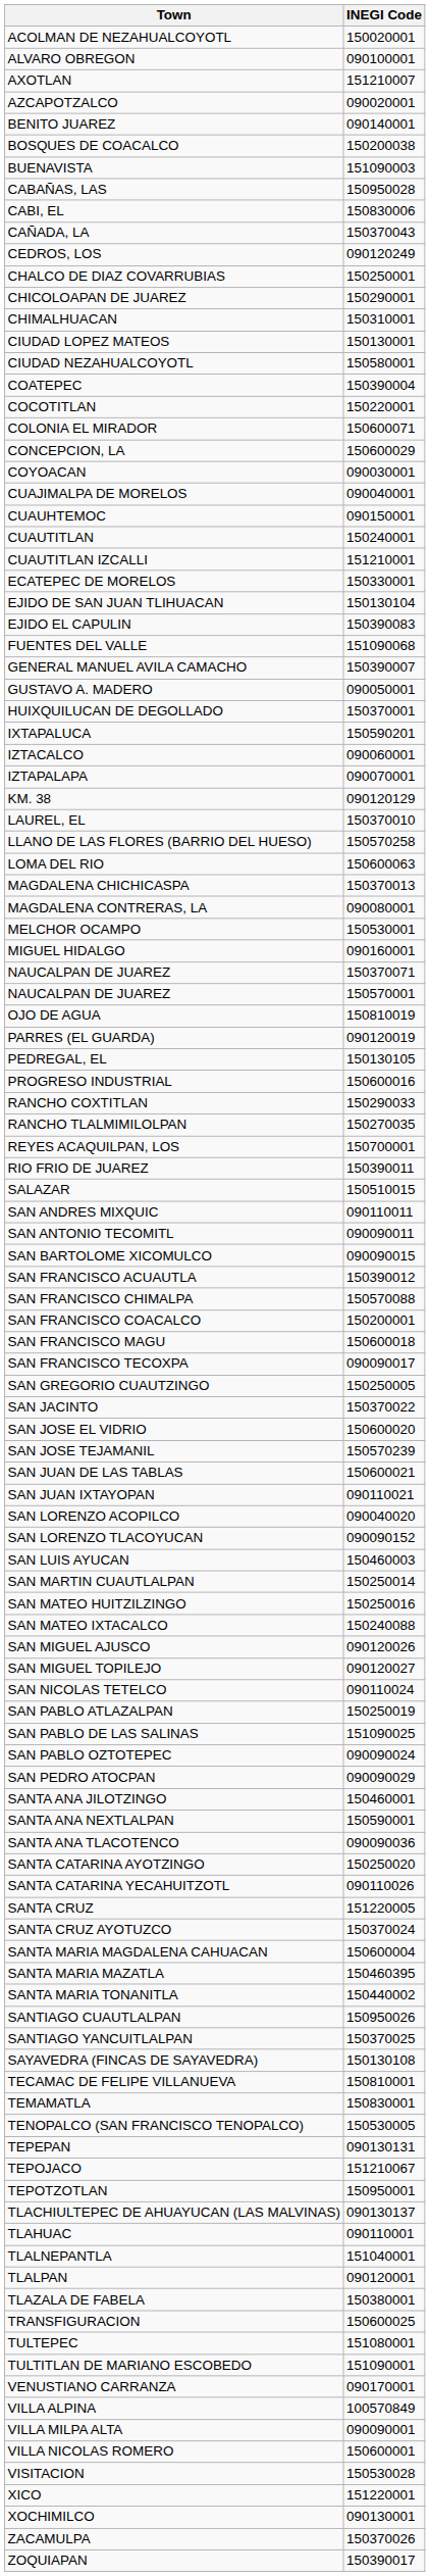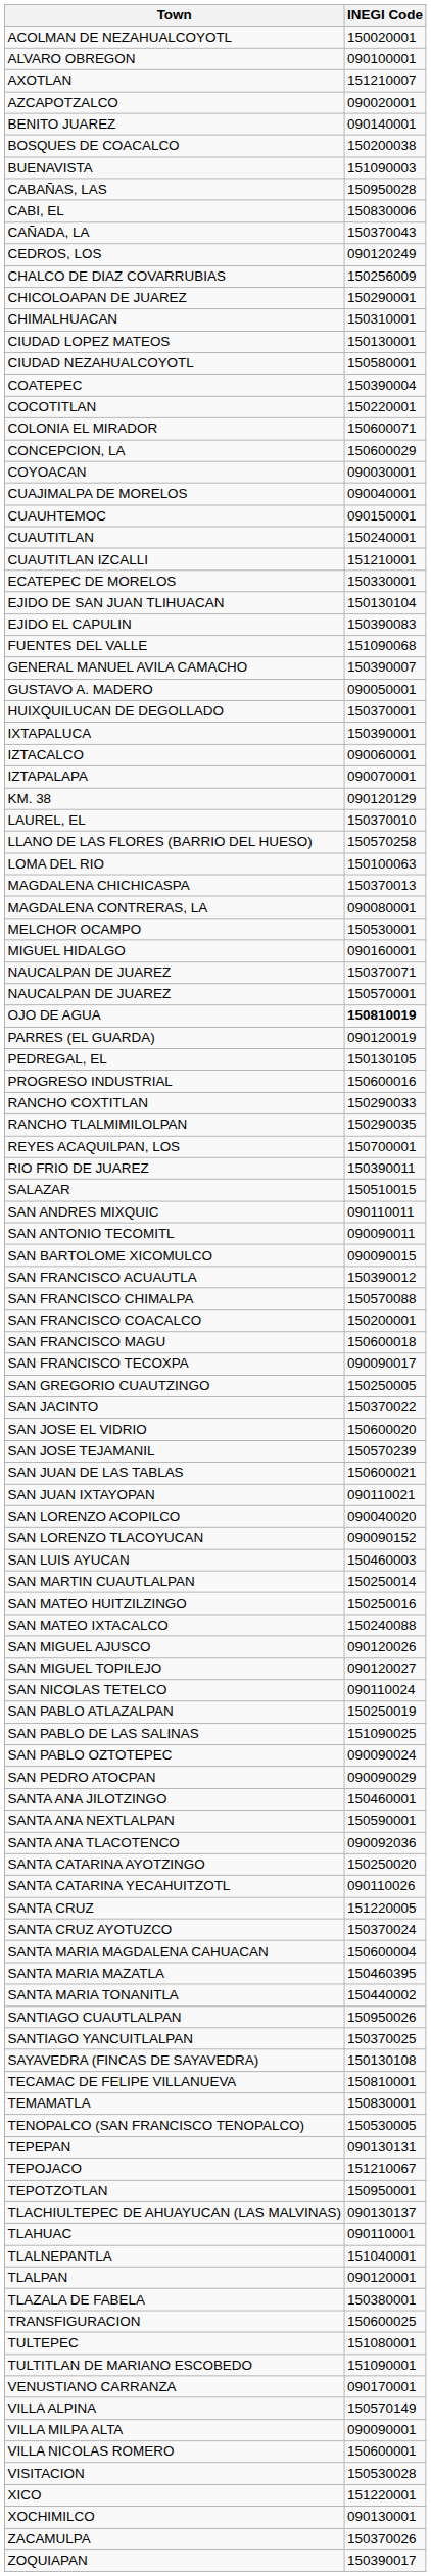 <table class="wikitable">
 <tr>
 <th>Town</th>
 <th>INEGI Code</th>
 </tr>
 <tr>
 <td>ACOLMAN DE NEZAHUALCOYOTL</td>
 <td>150020001</td>
 </tr>
 <tr>
 <td>ALVARO OBREGON</td>
 <td>090100001</td>
 </tr>
 <tr>
 <td>AXOTLAN</td>
 <td>151210007</td>
 </tr>
 <tr>
 <td>AZCAPOTZALCO</td>
 <td>090020001</td>
 </tr>
 <tr>
 <td>BENITO JUAREZ</td>
 <td>090140001</td>
 </tr>
 <tr>
 <td>BOSQUES DE COACALCO</td>
 <td>150200038</td>
 </tr>
 <tr>
 <td>BUENAVISTA</td>
 <td>151090003</td>
 </tr>
 <tr>
 <td>CABAÑAS, LAS</td>
 <td>150950028</td>
 </tr>
 <tr>
 <td>CABI, EL</td>
 <td>150830006</td>
 </tr>
 <tr>
 <td>CAÑADA, LA</td>
 <td>150370043</td>
 </tr>
 <tr>
 <td>CEDROS, LOS</td>
 <td>090120249</td>
 </tr>
 <tr>
 <td>CHALCO DE DIAZ COVARRUBIAS</td>
-<td>150250001</td>
+<td>150256009</td>
 </tr>
 <tr>
 <td>CHICOLOAPAN DE JUAREZ</td>
 <td>150290001</td>
 </tr>
 <tr>
 <td>CHIMALHUACAN</td>
 <td>150310001</td>
 </tr>
 <tr>
 <td>CIUDAD LOPEZ MATEOS</td>
 <td>150130001</td>
 </tr>
 <tr>
 <td>CIUDAD NEZAHUALCOYOTL</td>
 <td>150580001</td>
 </tr>
 <tr>
 <td>COATEPEC</td>
 <td>150390004</td>
 </tr>
 <tr>
 <td>COCOTITLAN</td>
 <td>150220001</td>
 </tr>
 <tr>
 <td>COLONIA EL MIRADOR</td>
 <td>150600071</td>
 </tr>
 <tr>
 <td>CONCEPCION, LA</td>
 <td>150600029</td>
 </tr>
 <tr>
 <td>COYOACAN</td>
 <td>090030001</td>
 </tr>
 <tr>
 <td>CUAJIMALPA DE MORELOS</td>
 <td>090040001</td>
 </tr>
 <tr>
 <td>CUAUHTEMOC</td>
 <td>090150001</td>
 </tr>
 <tr>
 <td>CUAUTITLAN</td>
 <td>150240001</td>
 </tr>
 <tr>
 <td>CUAUTITLAN IZCALLI</td>
 <td>151210001</td>
 </tr>
 <tr>
 <td>ECATEPEC DE MORELOS</td>
 <td>150330001</td>
 </tr>
 <tr>
 <td>EJIDO DE SAN JUAN TLIHUACAN</td>
 <td>150130104</td>
 </tr>
 <tr>
 <td>EJIDO EL CAPULIN</td>
 <td>150390083</td>
 </tr>
 <tr>
 <td>FUENTES DEL VALLE</td>
 <td>151090068</td>
 </tr>
 <tr>
 <td>GENERAL MANUEL AVILA CAMACHO</td>
 <td>150390007</td>
 </tr>
 <tr>
 <td>GUSTAVO A. MADERO</td>
 <td>090050001</td>
 </tr>
 <tr>
 <td>HUIXQUILUCAN DE DEGOLLADO</td>
 <td>150370001</td>
 </tr>
 <tr>
 <td>IXTAPALUCA</td>
-<td>150590201</td>
+<td>150390001</td>
 </tr>
 <tr>
 <td>IZTACALCO</td>
 <td>090060001</td>
 </tr>
 <tr>
 <td>IZTAPALAPA</td>
 <td>090070001</td>
 </tr>
 <tr>
 <td>KM. 38</td>
 <td>090120129</td>
 </tr>
 <tr>
 <td>LAUREL, EL</td>
 <td>150370010</td>
 </tr>
 <tr>
 <td>LLANO DE LAS FLORES (BARRIO DEL HUESO)</td>
 <td>150570258</td>
 </tr>
 <tr>
 <td>LOMA DEL RIO</td>
-<td>150600063</td>
+<td>150100063</td>
 </tr>
 <tr>
 <td>MAGDALENA CHICHICASPA</td>
 <td>150370013</td>
 </tr>
 <tr>
 <td>MAGDALENA CONTRERAS, LA</td>
 <td>090080001</td>
 </tr>
 <tr>
 <td>MELCHOR OCAMPO</td>
 <td>150530001</td>
 </tr>
 <tr>
 <td>MIGUEL HIDALGO</td>
 <td>090160001</td>
 </tr>
 <tr>
 <td>NAUCALPAN DE JUAREZ</td>
 <td>150370071</td>
 </tr>
 <tr>
 <td>NAUCALPAN DE JUAREZ</td>
 <td>150570001</td>
 </tr>
 <tr>
 <td>OJO DE AGUA</td>
-<td>150810019</td>
+<td><strong>150810019</strong></td>
 </tr>
 <tr>
 <td>PARRES (EL GUARDA)</td>
 <td>090120019</td>
 </tr>
 <tr>
 <td>PEDREGAL, EL</td>
 <td>150130105</td>
 </tr>
 <tr>
 <td>PROGRESO INDUSTRIAL</td>
 <td>150600016</td>
 </tr>
 <tr>
 <td>RANCHO COXTITLAN</td>
 <td>150290033</td>
 </tr>
 <tr>
 <td>RANCHO TLALMIMILOLPAN</td>
-<td>150270035</td>
+<td>150290035</td>
 </tr>
 <tr>
 <td>REYES ACAQUILPAN, LOS</td>
 <td>150700001</td>
 </tr>
 <tr>
 <td>RIO FRIO DE JUAREZ</td>
 <td>150390011</td>
 </tr>
 <tr>
 <td>SALAZAR</td>
 <td>150510015</td>
 </tr>
 <tr>
 <td>SAN ANDRES MIXQUIC</td>
 <td>090110011</td>
 </tr>
 <tr>
 <td>SAN ANTONIO TECOMITL</td>
 <td>090090011</td>
 </tr>
 <tr>
 <td>SAN BARTOLOME XICOMULCO</td>
 <td>090090015</td>
 </tr>
 <tr>
 <td>SAN FRANCISCO ACUAUTLA</td>
 <td>150390012</td>
 </tr>
 <tr>
 <td>SAN FRANCISCO CHIMALPA</td>
 <td>150570088</td>
 </tr>
 <tr>
 <td>SAN FRANCISCO COACALCO</td>
 <td>150200001</td>
 </tr>
 <tr>
 <td>SAN FRANCISCO MAGU</td>
 <td>150600018</td>
 </tr>
 <tr>
 <td>SAN FRANCISCO TECOXPA</td>
 <td>090090017</td>
 </tr>
 <tr>
 <td>SAN GREGORIO CUAUTZINGO</td>
 <td>150250005</td>
 </tr>
 <tr>
 <td>SAN JACINTO</td>
 <td>150370022</td>
 </tr>
 <tr>
 <td>SAN JOSE EL VIDRIO</td>
 <td>150600020</td>
 </tr>
 <tr>
 <td>SAN JOSE TEJAMANIL</td>
 <td>150570239</td>
 </tr>
 <tr>
 <td>SAN JUAN DE LAS TABLAS</td>
 <td>150600021</td>
 </tr>
 <tr>
 <td>SAN JUAN IXTAYOPAN</td>
 <td>090110021</td>
 </tr>
 <tr>
 <td>SAN LORENZO ACOPILCO</td>
 <td>090040020</td>
 </tr>
 <tr>
 <td>SAN LORENZO TLACOYUCAN</td>
 <td>090090152</td>
 </tr>
 <tr>
 <td>SAN LUIS AYUCAN</td>
 <td>150460003</td>
 </tr>
 <tr>
 <td>SAN MARTIN CUAUTLALPAN</td>
 <td>150250014</td>
 </tr>
 <tr>
 <td>SAN MATEO HUITZILZINGO</td>
 <td>150250016</td>
 </tr>
 <tr>
 <td>SAN MATEO IXTACALCO</td>
 <td>150240088</td>
 </tr>
 <tr>
 <td>SAN MIGUEL AJUSCO</td>
 <td>090120026</td>
 </tr>
 <tr>
 <td>SAN MIGUEL TOPILEJO</td>
 <td>090120027</td>
 </tr>
 <tr>
 <td>SAN NICOLAS TETELCO</td>
 <td>090110024</td>
 </tr>
 <tr>
 <td>SAN PABLO ATLAZALPAN</td>
 <td>150250019</td>
 </tr>
 <tr>
 <td>SAN PABLO DE LAS SALINAS</td>
 <td>151090025</td>
 </tr>
 <tr>
 <td>SAN PABLO OZTOTEPEC</td>
 <td>090090024</td>
 </tr>
 <tr>
 <td>SAN PEDRO ATOCPAN</td>
 <td>090090029</td>
 </tr>
 <tr>
 <td>SANTA ANA JILOTZINGO</td>
 <td>150460001</td>
 </tr>
 <tr>
 <td>SANTA ANA NEXTLALPAN</td>
 <td>150590001</td>
 </tr>
 <tr>
 <td>SANTA ANA TLACOTENCO</td>
-<td>090090036</td>
+<td>090092036</td>
 </tr>
 <tr>
 <td>SANTA CATARINA AYOTZINGO</td>
 <td>150250020</td>
 </tr>
 <tr>
 <td>SANTA CATARINA YECAHUITZOTL</td>
 <td>090110026</td>
 </tr>
 <tr>
 <td>SANTA CRUZ</td>
 <td>151220005</td>
 </tr>
 <tr>
 <td>SANTA CRUZ AYOTUZCO</td>
 <td>150370024</td>
 </tr>
 <tr>
 <td>SANTA MARIA MAGDALENA CAHUACAN</td>
 <td>150600004</td>
 </tr>
 <tr>
 <td>SANTA MARIA MAZATLA</td>
 <td>150460395</td>
 </tr>
 <tr>
 <td>SANTA MARIA TONANITLA</td>
 <td>150440002</td>
 </tr>
 <tr>
 <td>SANTIAGO CUAUTLALPAN</td>
 <td>150950026</td>
 </tr>
 <tr>
 <td>SANTIAGO YANCUITLALPAN</td>
 <td>150370025</td>
 </tr>
 <tr>
 <td>SAYAVEDRA (FINCAS DE SAYAVEDRA)</td>
 <td>150130108</td>
 </tr>
 <tr>
 <td>TECAMAC DE FELIPE VILLANUEVA</td>
 <td>150810001</td>
 </tr>
 <tr>
 <td>TEMAMATLA</td>
 <td>150830001</td>
 </tr>
 <tr>
 <td>TENOPALCO (SAN FRANCISCO TENOPALCO)</td>
 <td>150530005</td>
 </tr>
 <tr>
 <td>TEPEPAN</td>
 <td>090130131</td>
 </tr>
 <tr>
 <td>TEPOJACO</td>
 <td>151210067</td>
 </tr>
 <tr>
 <td>TEPOTZOTLAN</td>
 <td>150950001</td>
 </tr>
 <tr>
 <td>TLACHIULTEPEC DE AHUAYUCAN (LAS MALVINAS)</td>
 <td>090130137</td>
 </tr>
 <tr>
 <td>TLAHUAC</td>
 <td>090110001</td>
 </tr>
 <tr>
 <td>TLALNEPANTLA</td>
 <td>151040001</td>
 </tr>
 <tr>
 <td>TLALPAN</td>
 <td>090120001</td>
 </tr>
 <tr>
 <td>TLAZALA DE FABELA</td>
 <td>150380001</td>
 </tr>
 <tr>
 <td>TRANSFIGURACION</td>
 <td>150600025</td>
 </tr>
 <tr>
 <td>TULTEPEC</td>
 <td>151080001</td>
 </tr>
 <tr>
 <td>TULTITLAN DE MARIANO ESCOBEDO</td>
 <td>151090001</td>
 </tr>
 <tr>
 <td>VENUSTIANO CARRANZA</td>
 <td>090170001</td>
 </tr>
 <tr>
 <td>VILLA ALPINA</td>
-<td>100570849</td>
+<td>150570149</td>
 </tr>
 <tr>
 <td>VILLA MILPA ALTA</td>
 <td>090090001</td>
 </tr>
 <tr>
 <td>VILLA NICOLAS ROMERO</td>
 <td>150600001</td>
 </tr>
 <tr>
 <td>VISITACION</td>
 <td>150530028</td>
 </tr>
 <tr>
 <td>XICO</td>
 <td>151220001</td>
 </tr>
 <tr>
 <td>XOCHIMILCO</td>
 <td>090130001</td>
 </tr>
 <tr>
 <td>ZACAMULPA</td>
 <td>150370026</td>
 </tr>
 <tr>
 <td>ZOQUIAPAN</td>
 <td>150390017</td>
 </tr>
 </table>
